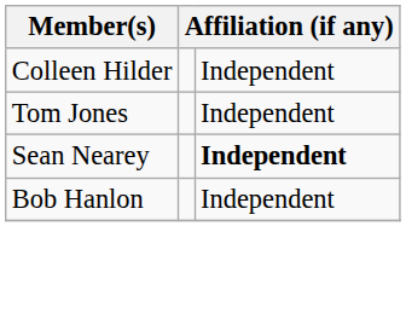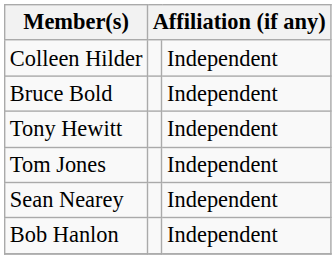 <table class="wikitable">
 <tr>
 <th>Member(s)</th>
 <th colspan="2">Affiliation (if any)</th>
 </tr>
 <tr>
 <td>Colleen Hilder</td>
 <td></td>
 <td>Independent</td>
 </tr>
 <tr>
+<td>Bruce Bold</td>
+<td></td>
+<td>Independent</td>
+</tr>
+<tr>
+<td>Tony Hewitt</td>
+<td></td>
+<td>Independent</td>
+</tr>
+<tr>
 <td>Tom Jones</td>
 <td></td>
 <td>Independent</td>
 </tr>
 <tr>
 <td>Sean Nearey</td>
 <td></td>
-<td><strong>Independent</strong></td>
+<td>Independent</td>
 </tr>
 <tr>
 <td>Bob Hanlon</td>
 <td></td>
 <td>Independent</td>
 </tr>
 <tr>
 </tr>
 </table>
